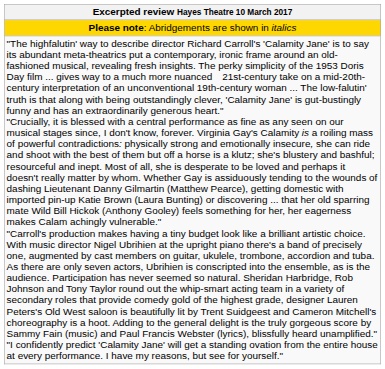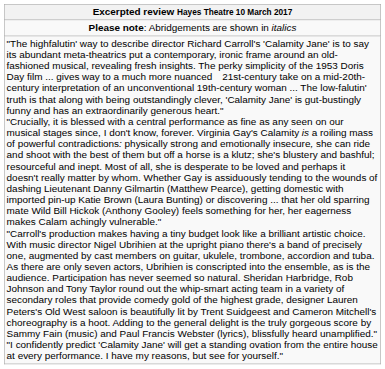 <table class="wikitable floatright collapsible collapsed">
 <tr>
 <th>Excerpted review <small>Hayes Theatre 10 March 2017</small></th>
 </tr>
 <tr>
-<td style="background: gold; text-align:center;"><strong>Please note</strong>: Abridgements are shown in <em>italics</em></td>
+<td style="text-align:center;"><strong>Please note</strong>: Abridgements are shown in <em>italics</em></td>
 </tr>
 <tr>
 <td>"The highfalutin' way to describe director Richard Carroll's 'Calamity Jane' is to say its abundant meta-theatrics put a contemporary, ironic frame around an old-fashioned musical, revealing fresh insights. The perky simplicity of the 1953 Doris Day film ... gives way to a much more nuanced 21st-century take on a mid-20th-century interpretation of an unconventional 19th-century woman ... The low-falutin' truth is that along with being outstandingly clever, 'Calamity Jane' is gut-bustingly funny and has an extraordinarily generous heart."<br>"Crucially, it is blessed with a central performance as fine as any seen on our musical stages since, I don't know, forever. Virginia Gay's Calamity <em>is</em> a roiling mass of powerful contradictions<em>:</em> physically strong and emotionally insecure<em>,</em> she can ride and shoot with the best of them but off a horse is a klutz; she's blustery and bashful; resourceful and inept. Most of all, she is desperate to be loved and perhaps it doesn't really matter by whom. Whether Gay is assiduously tending to the wounds of dashing Lieutenant Danny Gilmartin (Matthew Pearce), getting domestic with imported pin-up Katie Brown (Laura Bunting) or discovering ... that her old sparring mate Wild Bill Hickok (Anthony Gooley) feels something for her, her eagerness makes Calam achingly vulnerable."<br>"Carroll's production makes having a tiny budget look like a brilliant artistic choice. With music director Nigel Ubrihien at the upright piano there's a band of precisely one, augmented by cast members on guitar, ukulele, trombone, accordion and tuba. As there are only seven actors, Ubrihien is conscripted into the ensemble, as is the audience. Participation has never seemed so natural. Sheridan Harbridge, Rob Johnson and Tony Taylor round out the whip-smart acting team in a variety of secondary roles that provide comedy gold of the highest grade, designer Lauren Peters's Old West saloon is beautifully lit by Trent Suidgeest and Cameron Mitchell's choreography is a hoot. Adding to the general delight is the truly gorgeous score by Sammy Fain (music) and Paul Francis Webster (lyrics), blissfully heard unamplified."<br>"I confidently predict 'Calamity Jane' will get a standing ovation from the entire house at every performance. I have my reasons, but see for yourself."</td>
 </tr>
 </table>
